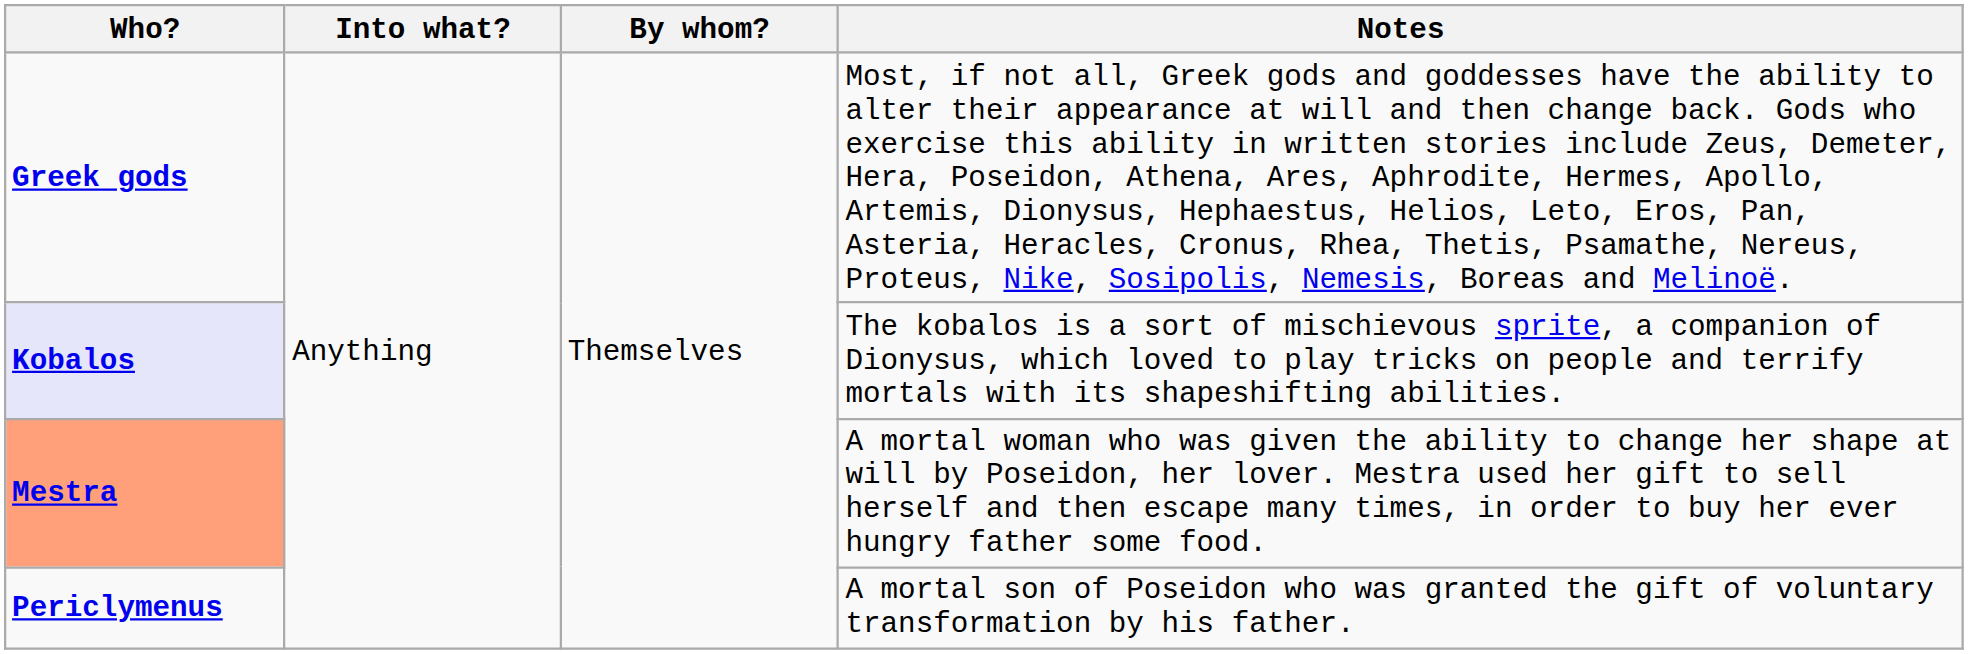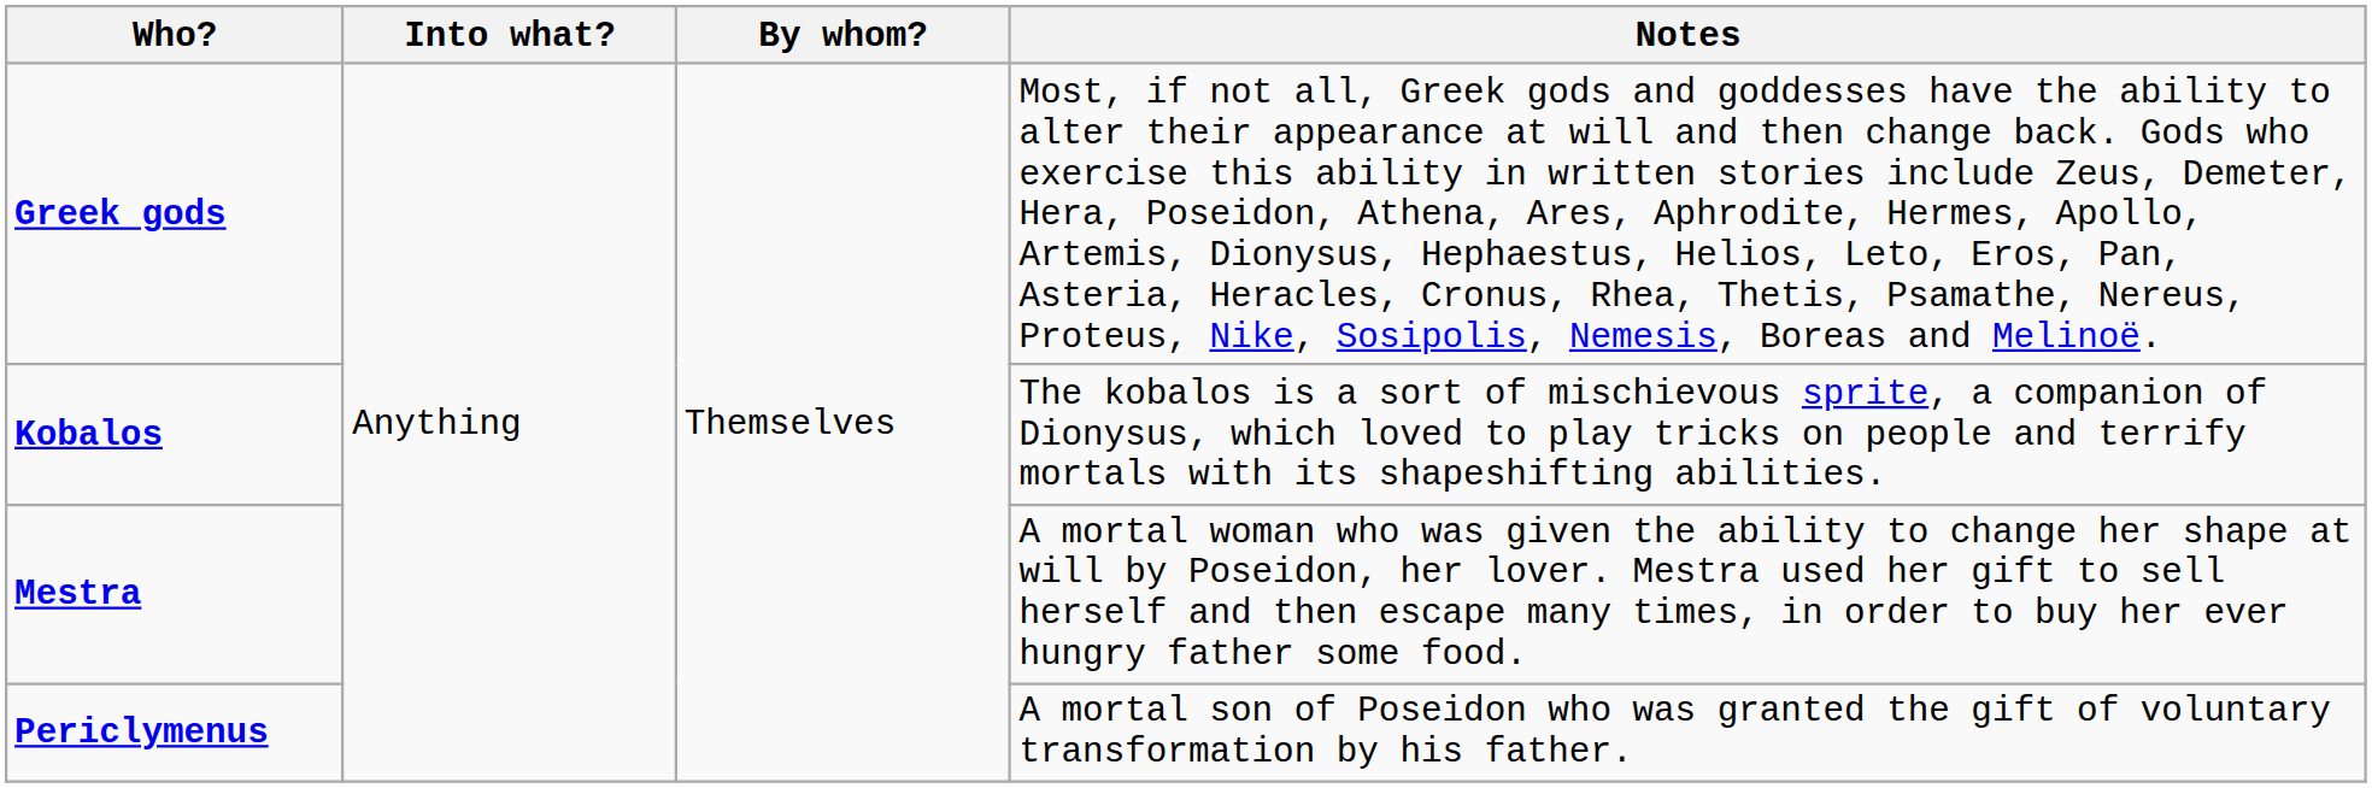 <table class="wikitable sortable">
 <tr>
 <th scope="col" style="width: 90pt;">Who?</th>
 <th scope="col" style="width: 90pt;">Into what?</th>
 <th scope="col" style="width: 90pt;">By whom?</th>
 <th scope="col" style="width: 390pt;">Notes</th>
 </tr>
 <tr>
 <td><strong><a href='#'>Greek gods</a></strong></td>
 <td rowspan="4">Anything</td>
 <td rowspan="4">Themselves</td>
 <td>Most, if not all, Greek gods and goddesses have the ability to alter their appearance at will and then change back. Gods who exercise this ability in written stories include Zeus, Demeter, Hera, Poseidon, Athena, Ares, Aphrodite, Hermes, Apollo, Artemis, Dionysus, Hephaestus, Helios, Leto, Eros, Pan, Asteria, Heracles, Cronus, Rhea, Thetis, Psamathe, Nereus, Proteus, <a href='#'>Nike</a>, <a href='#'>Sosipolis</a>, <a href='#'>Nemesis</a>, Boreas and <a href='#'>Melinoë</a>.</td>
 </tr>
 <tr>
-<td style="background: lavender;"><strong><a href='#'>Kobalos</a></strong></td>
+<td><strong><a href='#'>Kobalos</a></strong></td>
 <td>The kobalos is a sort of mischievous <a href='#'>sprite</a>, a companion of Dionysus, which loved to play tricks on people and terrify mortals with its shapeshifting abilities.</td>
 </tr>
 <tr>
-<td style="background: lightsalmon;"><strong><a href='#'>Mestra</a></strong></td>
+<td><strong><a href='#'>Mestra</a></strong></td>
 <td>A mortal woman who was given the ability to change her shape at will by Poseidon, her lover. Mestra used her gift to sell herself and then escape many times, in order to buy her ever hungry father some food.</td>
 </tr>
 <tr>
 <td><strong><a href='#'>Periclymenus</a></strong></td>
 <td>A mortal son of Poseidon who was granted the gift of voluntary transformation by his father.</td>
 </tr>
 </table>
